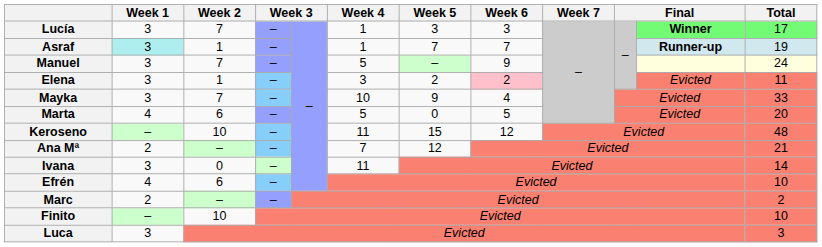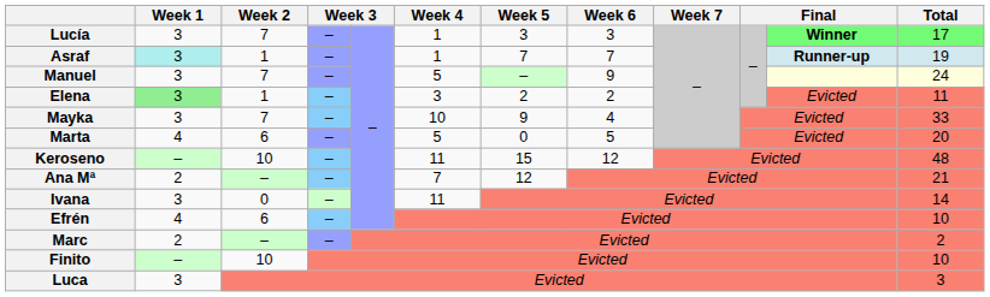 <table class="wikitable" style="width:100%; text-align:center; font-size:85%; line-height:12px">
 <tr>
 <th style="width:7%"></th>
 <th style="width:5%">Week 1</th>
 <th style="width:5%">Week 2</th>
 <th style="width:5%" colspan="2">Week 3</th>
 <th style="width:5%">Week 4</th>
 <th style="width:5%">Week 5</th>
 <th style="width:5%">Week 6</th>
 <th style="width:5%">Week 7</th>
 <th style="width:9%" colspan="2">Final</th>
 <th style="width:5%">Total</th>
 </tr>
 <tr>
 <th>Lucía</th>
 <td>3</td>
 <td>7</td>
 <td style="background:#959FFD">–</td>
 <td rowspan="10" style="background:#959FFD">–</td>
 <td>1</td>
 <td>3</td>
 <td>3</td>
 <td rowspan="6" style="background:#CCC">–</td>
 <td rowspan="4" style="background:#CCC">–</td>
 <td style="background:#73FB76"><strong>Winner</strong></td>
 <td style="background:#73FB76">17</td>
 </tr>
 <tr>
 <th>Asraf</th>
 <td style="background: paleturquoise;">3</td>
 <td>1</td>
 <td style="background:#959FFD">–</td>
 <td>1</td>
 <td>7</td>
 <td>7</td>
 <td style="background:#D1E8EF"><strong>Runner-up</strong></td>
 <td style="background:#D1E8EF">19</td>
 </tr>
 <tr>
 <th>Manuel</th>
 <td>3</td>
 <td>7</td>
 <td style="background:#959FFD">–</td>
 <td>5</td>
 <td style="background:#cfc">–</td>
 <td>9</td>
 <td style="background:#ffffdd"><strong></strong></td>
 <td style="background:#ffffdd">24</td>
 </tr>
 <tr>
 <th>Elena</th>
-<td>3</td>
+<td style="background: lightgreen;">3</td>
 <td>1</td>
 <td style="background:#87CEFA">–</td>
 <td>3</td>
 <td>2</td>
-<td style="background: pink;">2</td>
+<td>2</td>
 <td style="background:#FA8072"><em>Evicted</em></td>
 <td style="background:#FA8072">11</td>
 </tr>
 <tr>
 <th>Mayka</th>
 <td>3</td>
 <td>7</td>
 <td style="background:#87CEFA">–</td>
 <td>10</td>
 <td>9</td>
 <td>4</td>
 <td colspan="2" style="background:#FA8072"><em>Evicted</em></td>
 <td style="background:#FA8072">33</td>
 </tr>
 <tr>
 <th>Marta</th>
 <td>4</td>
 <td>6</td>
 <td style="background:#959FFD">–</td>
 <td>5</td>
 <td>0</td>
 <td>5</td>
 <td colspan="2" style="background:#FA8072"><em>Evicted</em></td>
 <td style="background:#FA8072">20</td>
 </tr>
 <tr>
 <th>Keroseno</th>
 <td style="background:#cfc">–</td>
 <td>10</td>
 <td style="background:#87CEFA">–</td>
 <td>11</td>
 <td>15</td>
 <td>12</td>
 <td colspan="3" style="background:#FA8072"><em>Evicted</em></td>
 <td style="background:#FA8072">48</td>
 </tr>
 <tr>
 <th>Ana Mª</th>
 <td>2</td>
 <td style="background:#cfc">–</td>
 <td style="background:#87CEFA">–</td>
 <td>7</td>
 <td>12</td>
 <td colspan="4" style="background:#FA8072"><em>Evicted</em></td>
 <td style="background:#FA8072">21</td>
 </tr>
 <tr>
 <th>Ivana</th>
 <td>3</td>
 <td>0</td>
 <td style="background:#cfc">–</td>
 <td>11</td>
 <td colspan="5" style="background:#FA8072"><em>Evicted</em></td>
 <td style="background:#FA8072">14</td>
 </tr>
 <tr>
 <th>Efrén</th>
 <td>4</td>
 <td>6</td>
 <td style="background:#87CEFA">–</td>
 <td colspan="6" style="background:#FA8072"><em>Evicted</em></td>
 <td style="background:#FA8072">10</td>
 </tr>
 <tr>
 <th>Marc</th>
 <td>2</td>
 <td style="background:#cfc">–</td>
 <td style="background:#959FFD">–</td>
 <td colspan="7" style="background:#FA8072"><em>Evicted</em></td>
 <td style="background:#FA8072">2</td>
 </tr>
 <tr>
 <th>Finito</th>
 <td style="background:#cfc">–</td>
 <td>10</td>
 <td colspan="8" style="background:#FA8072"><em>Evicted</em></td>
 <td style="background:#FA8072">10</td>
 </tr>
 <tr>
 <th>Luca</th>
 <td>3</td>
 <td colspan="9" style="background:#FA8072"><em>Evicted</em></td>
 <td style="background:#FA8072">3</td>
 </tr>
 </table>
